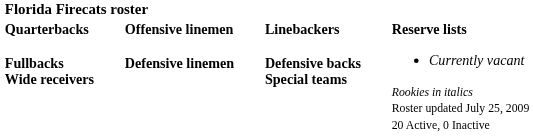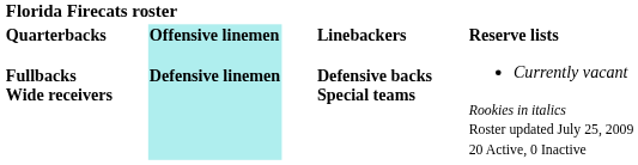 <table class="toccolours" style="text-align: left;">
 <tr>
 <th colspan="7">Florida Firecats roster</th>
 </tr>
 <tr>
 <td style="font-size: 95%;vertical-align:top;"><strong>Quarterbacks</strong><br><br><strong>Fullbacks</strong> <br><strong>Wide receivers</strong>    </td>
 <td style="width: 25px;"></td>
-<td style="font-size: 95%;vertical-align:top;"><strong>Offensive linemen</strong><br>   <br><strong>Defensive linemen</strong>   </td>
+<td style="background: paleturquoise; font-size: 95%;vertical-align:top;"><strong>Offensive linemen</strong><br>   <br><strong>Defensive linemen</strong>   </td>
 <td style="width: 25px;"></td>
 <td style="font-size: 95%;vertical-align:top;"><strong>Linebackers</strong><br>  <br><strong>Defensive backs</strong>   <br><strong>Special teams</strong> </td>
 <td style="width: 25px;"></td>
 <td style="font-size: 95%;vertical-align:top;"><strong>Reserve lists</strong><br><ul><li><em>Currently vacant</em></li></ul><small><em>Rookies in italics</em></small><br> <small>Roster updated July 25, 2009</small><br> <small>20 Active, 0 Inactive</small></td>
 </tr>
 <tr>
 </tr>
 </table>
